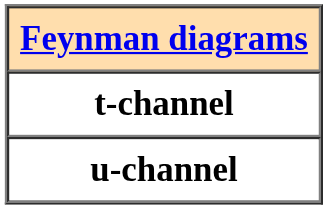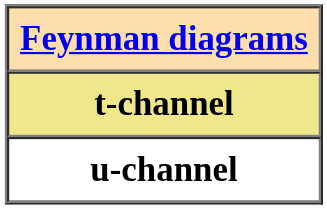 <table border="1" cellpadding="5" cellspacing="0" align="right">
 <tr>
 <th style="background:#ffdead;"><a href='#'>Feynman diagrams</a></th>
 </tr>
 <tr>
-<td align="center"><strong>t-channel</strong><br></td>
+<td align="center" style="background: khaki;"><strong>t-channel</strong><br></td>
 </tr>
 <tr>
 <td align="center"><strong>u-channel</strong><br></td>
 </tr>
 </table>
